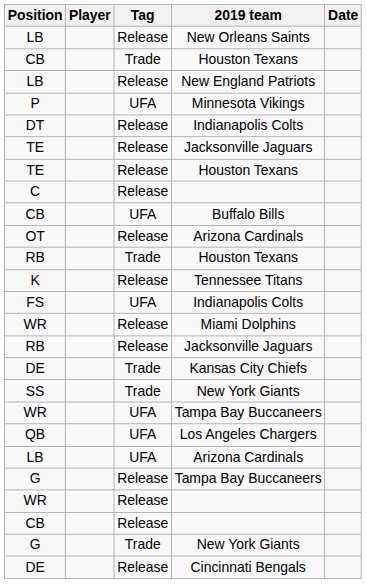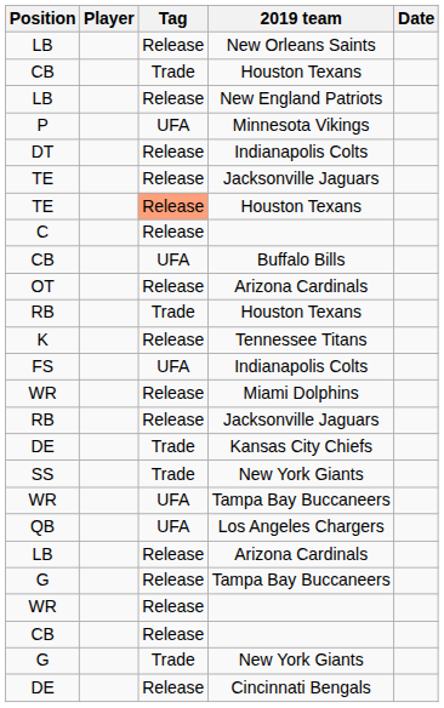 <table class="wikitable sortable" style="text-align:center">
 <tr>
 <th>Position</th>
 <th>Player</th>
 <th>Tag</th>
 <th>2019 team</th>
 <th>Date</th>
 </tr>
 <tr>
 <td>LB</td>
 <td></td>
 <td>Release</td>
 <td>New Orleans Saints</td>
 <td></td>
 </tr>
 <tr>
 <td>CB</td>
 <td></td>
 <td>Trade</td>
 <td>Houston Texans</td>
 <td></td>
 </tr>
 <tr>
 <td>LB</td>
 <td></td>
 <td>Release</td>
 <td>New England Patriots</td>
 <td></td>
 </tr>
 <tr>
 <td>P</td>
 <td></td>
 <td>UFA</td>
 <td>Minnesota Vikings</td>
 <td></td>
 </tr>
 <tr>
 <td>DT</td>
 <td></td>
 <td>Release</td>
 <td>Indianapolis Colts</td>
 <td></td>
 </tr>
 <tr>
 <td>TE</td>
 <td></td>
 <td>Release</td>
 <td>Jacksonville Jaguars</td>
 <td></td>
 </tr>
 <tr>
 <td>TE</td>
 <td></td>
-<td>Release</td>
+<td style="background: lightsalmon;">Release</td>
 <td>Houston Texans</td>
 <td></td>
 </tr>
 <tr>
 <td>C</td>
 <td></td>
 <td>Release</td>
 <td></td>
 <td></td>
 </tr>
 <tr>
 <td>CB</td>
 <td></td>
 <td>UFA</td>
 <td>Buffalo Bills</td>
 <td></td>
 </tr>
 <tr>
 <td>OT</td>
 <td></td>
 <td>Release</td>
 <td>Arizona Cardinals</td>
 <td></td>
 </tr>
 <tr>
 <td>RB</td>
 <td></td>
 <td>Trade</td>
 <td>Houston Texans</td>
 <td></td>
 </tr>
 <tr>
 <td>K</td>
 <td></td>
 <td>Release</td>
 <td>Tennessee Titans</td>
 <td></td>
 </tr>
 <tr>
 <td>FS</td>
 <td></td>
 <td>UFA</td>
 <td>Indianapolis Colts</td>
 <td></td>
 </tr>
 <tr>
 <td>WR</td>
 <td></td>
 <td>Release</td>
 <td>Miami Dolphins</td>
 <td></td>
 </tr>
 <tr>
 <td>RB</td>
 <td></td>
 <td>Release</td>
 <td>Jacksonville Jaguars</td>
 <td></td>
 </tr>
 <tr>
 <td>DE</td>
 <td></td>
 <td>Trade</td>
 <td>Kansas City Chiefs</td>
 <td></td>
 </tr>
 <tr>
 <td>SS</td>
 <td></td>
 <td>Trade</td>
 <td>New York Giants</td>
 <td></td>
 </tr>
 <tr>
 <td>WR</td>
 <td></td>
 <td>UFA</td>
 <td>Tampa Bay Buccaneers</td>
 <td></td>
 </tr>
 <tr>
 <td>QB</td>
 <td></td>
 <td>UFA</td>
 <td>Los Angeles Chargers</td>
 <td></td>
 </tr>
 <tr>
 <td>LB</td>
 <td></td>
-<td>UFA</td>
+<td>Release</td>
 <td>Arizona Cardinals</td>
 <td></td>
 </tr>
 <tr>
 <td>G</td>
 <td></td>
 <td>Release</td>
 <td>Tampa Bay Buccaneers</td>
 <td></td>
 </tr>
 <tr>
 <td>WR</td>
 <td></td>
 <td>Release</td>
 <td></td>
 <td></td>
 </tr>
 <tr>
 <td>CB</td>
 <td></td>
 <td>Release</td>
 <td></td>
 <td></td>
 </tr>
 <tr>
 <td>G</td>
 <td></td>
 <td>Trade</td>
 <td>New York Giants</td>
 <td></td>
 </tr>
 <tr>
 <td>DE</td>
 <td></td>
 <td>Release</td>
 <td>Cincinnati Bengals</td>
 <td></td>
 </tr>
 </table>
